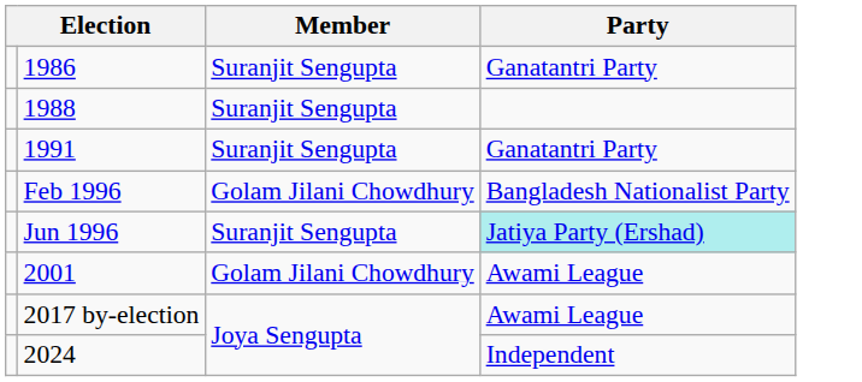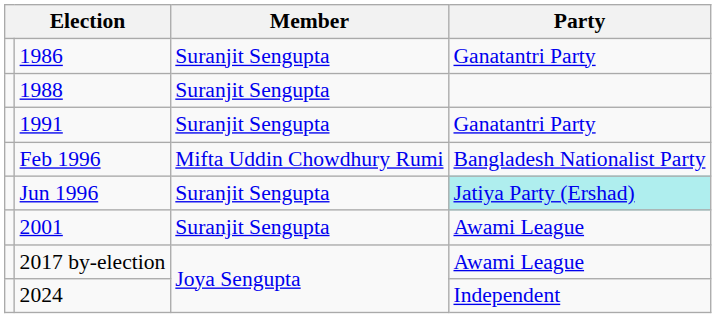 <table class="wikitable">
 <tr>
 <th colspan="2">Election</th>
 <th>Member</th>
 <th>Party</th>
 </tr>
 <tr>
 <td style="background-color:"></td>
 <td><a href='#'>1986</a></td>
 <td><a href='#'>Suranjit Sengupta</a></td>
 <td><a href='#'>Ganatantri Party</a></td>
 </tr>
 <tr>
 <td></td>
 <td><a href='#'>1988</a></td>
 <td><a href='#'>Suranjit Sengupta</a></td>
 <td></td>
 </tr>
 <tr>
 <td style="background-color:"></td>
 <td><a href='#'>1991</a></td>
 <td><a href='#'>Suranjit Sengupta</a></td>
 <td><a href='#'>Ganatantri Party</a></td>
 </tr>
 <tr>
 <td style="background-color:"></td>
 <td><a href='#'>Feb 1996</a></td>
-<td><a href='#'>Golam Jilani Chowdhury</a></td>
+<td><a href='#'>Mifta Uddin Chowdhury Rumi</a></td>
 <td><a href='#'>Bangladesh Nationalist Party</a></td>
 </tr>
 <tr>
 <td style="background-color:"></td>
 <td><a href='#'>Jun 1996</a></td>
 <td><a href='#'>Suranjit Sengupta</a></td>
 <td style="background: paleturquoise;"><a href='#'>Jatiya Party (Ershad)</a></td>
 </tr>
 <tr>
 <td style="background-color:"></td>
 <td><a href='#'>2001</a></td>
-<td><a href='#'>Golam Jilani Chowdhury</a></td>
+<td><a href='#'>Suranjit Sengupta</a></td>
 <td><a href='#'>Awami League</a></td>
 </tr>
 <tr>
 <td style="background-color:"></td>
 <td>2017 by-election</td>
 <td rowspan="2"><a href='#'>Joya Sengupta</a></td>
 <td><a href='#'>Awami League</a></td>
 </tr>
 <tr>
 <td style="background-color:"></td>
 <td>2024</td>
 <td><a href='#'>Independent</a></td>
 </tr>
 </table>
